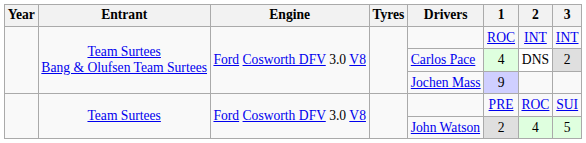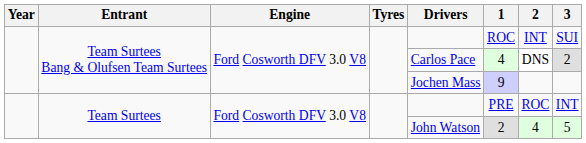 <table class="wikitable" style="text-align:center; font-size:85%">
 <tr>
 <th>Year</th>
 <th>Entrant</th>
 <th>Engine</th>
 <th>Tyres</th>
 <th>Drivers</th>
 <th>1</th>
 <th>2</th>
 <th>3</th>
 </tr>
 <tr>
 <td rowspan="3"></td>
 <td rowspan="3"><a href='#'>Team Surtees</a><br><a href='#'>Bang & Olufsen Team Surtees</a></td>
 <td rowspan="3"><a href='#'>Ford</a> <a href='#'>Cosworth DFV</a> 3.0 <a href='#'>V8</a></td>
 <td rowspan="3"></td>
 <td></td>
 <td><a href='#'>ROC</a></td>
 <td><a href='#'>INT</a></td>
-<td><a href='#'>INT</a></td>
+<td><a href='#'>SUI</a></td>
 </tr>
 <tr>
 <td align="left"><a href='#'>Carlos Pace</a></td>
 <td style="background:#DFFFDF;">4</td>
 <td style="background:#FFFFFF;">DNS</td>
 <td style="background:#DFDFDF;">2</td>
 </tr>
 <tr>
 <td align="left"><a href='#'>Jochen Mass</a></td>
 <td style="background:#CFCFFF;">9</td>
 <td></td>
 <td></td>
 </tr>
 <tr>
 <td rowspan="2"></td>
 <td rowspan="2"><a href='#'>Team Surtees</a></td>
 <td rowspan="2"><a href='#'>Ford</a> <a href='#'>Cosworth DFV</a> 3.0 <a href='#'>V8</a></td>
 <td rowspan="2"></td>
 <td></td>
 <td><a href='#'>PRE</a></td>
 <td><a href='#'>ROC</a></td>
-<td><a href='#'>SUI</a></td>
+<td><a href='#'>INT</a></td>
 </tr>
 <tr>
 <td align="left"><a href='#'>John Watson</a></td>
 <td style="background:#DFDFDF;">2</td>
 <td style="background:#DFFFDF;">4</td>
 <td style="background:#DFFFDF;">5</td>
 </tr>
 <tr>
 </tr>
 </table>
